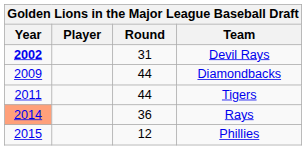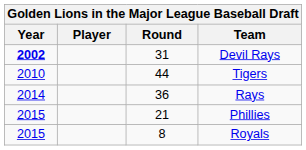 <table class="wikitable sortable collapsible collapsed" style="text-align:center">
 <tr>
 <th colspan=4>Golden Lions in the Major League Baseball Draft</th>
 </tr>
 <tr>
 <th>Year</th>
 <th>Player</th>
 <th>Round</th>
 <th>Team</th>
 </tr>
 <tr>
 <td><strong><a href='#'>2002</a></strong></td>
 <td></td>
 <td>31</td>
 <td><a href='#'>Devil Rays</a></td>
 </tr>
 <tr>
-<td><a href='#'>2009</a></td>
-<td></td>
-<td>44</td>
-<td><a href='#'>Diamondbacks</a></td>
-</tr>
-<tr>
-<td><a href='#'>2011</a></td>
+<td><a href='#'>2010</a></td>
 <td></td>
 <td>44</td>
 <td><a href='#'>Tigers</a></td>
 </tr>
 <tr>
-<td style="background: lightsalmon;"><a href='#'>2014</a></td>
+<td><a href='#'>2014</a></td>
 <td></td>
 <td>36</td>
 <td><a href='#'>Rays</a></td>
 </tr>
 <tr>
 <td><a href='#'>2015</a></td>
 <td></td>
-<td>12</td>
+<td>21</td>
 <td><a href='#'>Phillies</a></td>
 </tr>
+<tr>
+<td><a href='#'>2015</a></td>
+<td></td>
+<td>8</td>
+<td><a href='#'>Royals</a></td>
+</tr>
 </table>
